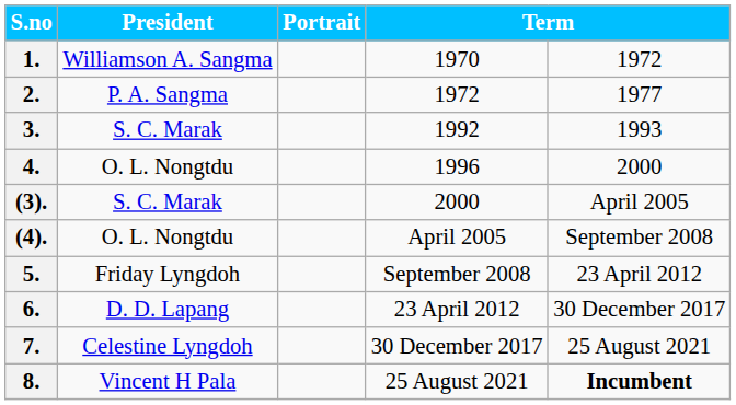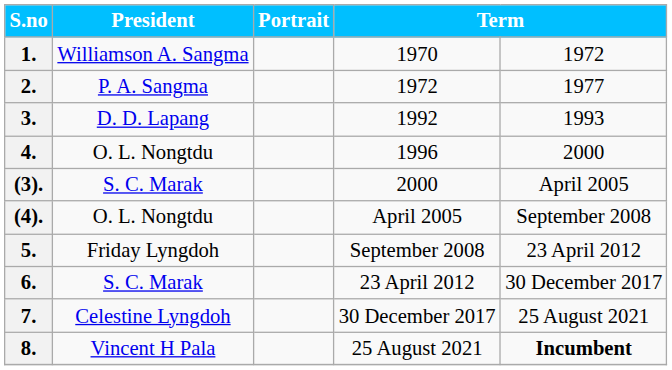 <table class="wikitable sortable" style="text-align:center;">
 <tr>
 <th Style="background-color:#00BFFF; color:white">S.no</th>
 <th Style="background-color:#00BFFF; color:white">President</th>
 <th Style="background-color:#00BFFF; color:white">Portrait</th>
 <th Style="background-color:#00BFFF; color:white" colspan=2>Term</th>
 </tr>
 <tr>
 <th>1.</th>
 <td><a href='#'>Williamson A. Sangma</a></td>
 <td></td>
 <td>1970</td>
 <td>1972</td>
 </tr>
 <tr>
 <th>2.</th>
 <td><a href='#'>P. A. Sangma</a></td>
 <td></td>
 <td>1972</td>
 <td>1977</td>
 </tr>
 <tr>
 <th>3.</th>
-<td><a href='#'>S. C. Marak</a></td>
+<td><a href='#'>D. D. Lapang</a></td>
 <td></td>
 <td>1992</td>
 <td>1993</td>
 </tr>
 <tr>
 <th>4.</th>
 <td>O. L. Nongtdu</td>
 <td></td>
 <td>1996</td>
 <td>2000</td>
 </tr>
 <tr>
 <th>(3).</th>
 <td><a href='#'>S. C. Marak</a></td>
 <td></td>
 <td>2000</td>
 <td>April 2005</td>
 </tr>
 <tr>
 <th>(4).</th>
 <td>O. L. Nongtdu</td>
 <td></td>
 <td>April 2005</td>
 <td>September 2008</td>
 </tr>
 <tr>
 <th>5.</th>
 <td>Friday Lyngdoh</td>
 <td></td>
 <td>September 2008</td>
 <td>23 April 2012</td>
 </tr>
 <tr>
 <th>6.</th>
-<td><a href='#'>D. D. Lapang</a></td>
+<td><a href='#'>S. C. Marak</a></td>
 <td></td>
 <td>23 April 2012</td>
 <td>30 December 2017</td>
 </tr>
 <tr>
 <th>7.</th>
 <td><a href='#'>Celestine Lyngdoh</a></td>
 <td></td>
 <td>30 December 2017</td>
 <td>25 August 2021</td>
 </tr>
 <tr>
 <th>8.</th>
 <td><a href='#'>Vincent H Pala</a></td>
 <td></td>
 <td>25 August 2021</td>
 <td><strong>Incumbent</strong></td>
 </tr>
 <tr>
 </tr>
 </table>
